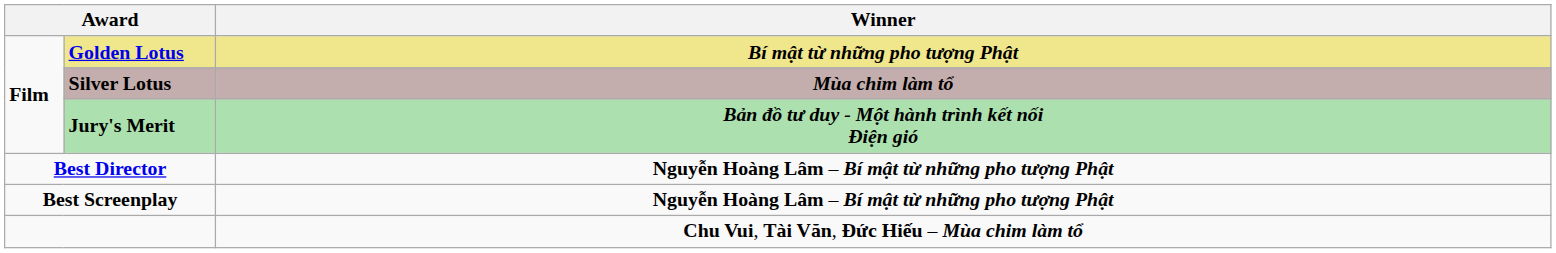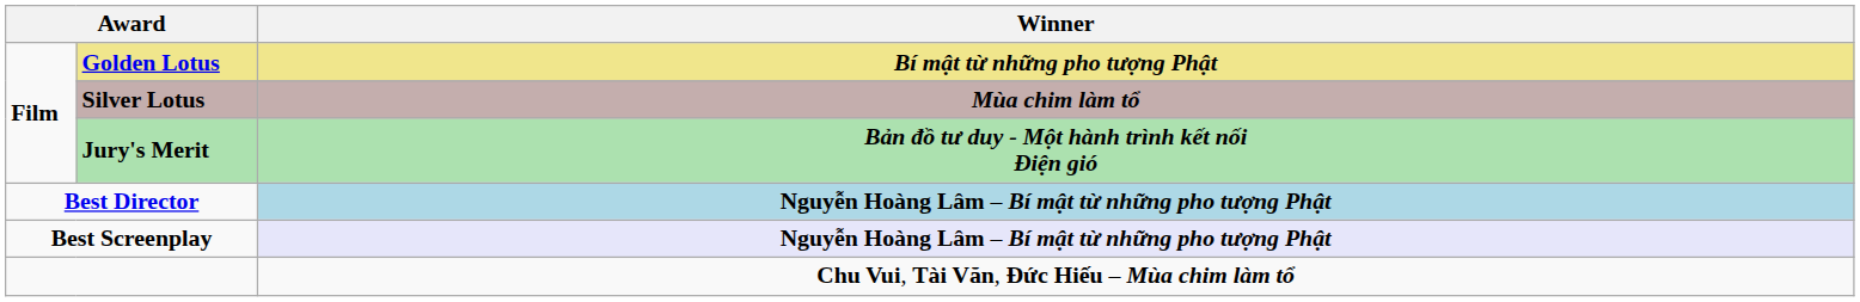 <table class=wikitable>
 <tr>
 <th width="12%" colspan="2">Award</th>
 <th width="76%">Winner</th>
 </tr>
 <tr>
 <td rowspan="3"><strong>Film</strong></td>
 <td style="background:#F0E68C"><strong><a href='#'>Golden Lotus</a></strong></td>
 <td style="background:#F0E68C" align=center><strong><em>Bí mật từ những pho tượng Phật</em></strong></td>
 </tr>
 <tr>
 <td style="background:#C4AEAD"><strong>Silver Lotus</strong></td>
 <td style="background:#C4AEAD" align=center><strong><em>Mùa chim làm tổ</em></strong></td>
 </tr>
 <tr>
 <td style="background:#ACE1AF"><strong>Jury's Merit</strong></td>
 <td style="background:#ACE1AF" align=center><strong><em>Bản đồ tư duy - Một hành trình kết nối</em></strong><br><strong><em>Điện gió</em></strong></td>
 </tr>
 <tr>
 <td colspan="2" align=center><strong><a href='#'>Best Director</a></strong></td>
-<td align=center><strong>Nguyễn Hoàng Lâm</strong> – <strong><em>Bí mật từ những pho tượng Phật</em></strong></td>
+<td align=center style="background: lightblue;"><strong>Nguyễn Hoàng Lâm</strong> – <strong><em>Bí mật từ những pho tượng Phật</em></strong></td>
 </tr>
 <tr>
 <td colspan="2" align=center><strong>Best Screenplay</strong></td>
-<td align=center><strong>Nguyễn Hoàng Lâm</strong> – <strong><em>Bí mật từ những pho tượng Phật</em></strong></td>
+<td align=center style="background: lavender;"><strong>Nguyễn Hoàng Lâm</strong> – <strong><em>Bí mật từ những pho tượng Phật</em></strong></td>
 </tr>
 <tr>
 <td colspan="2" align=center><strong></strong></td>
 <td align=center><strong>Chu Vui</strong>, <strong>Tài Văn</strong>, <strong>Đức Hiếu</strong> – <strong><em>Mùa chim làm tổ</em></strong></td>
 </tr>
 </table>
